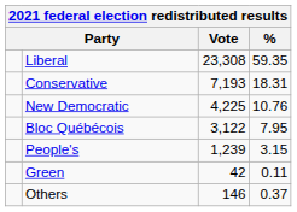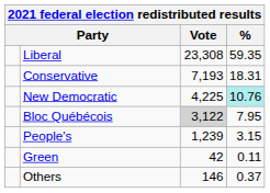 <table class="wikitable">
 <tr>
 <th colspan="4"><a href='#'>2021 federal election</a> redistributed results</th>
 </tr>
 <tr>
 <th bgcolor="#DDDDFF" width="130px" colspan="2">Party</th>
 <th bgcolor="#DDDDFF" width="50px">Vote</th>
 <th bgcolor="#DDDDFF" width="30px">%</th>
 </tr>
 <tr>
 <td> </td>
 <td><a href='#'>Liberal</a></td>
 <td align=right>23,308</td>
 <td align=right>59.35</td>
 </tr>
 <tr>
 <td> </td>
 <td><a href='#'>Conservative</a></td>
 <td align=right>7,193</td>
 <td align=right>18.31</td>
 </tr>
 <tr>
 <td> </td>
 <td><a href='#'>New Democratic</a></td>
 <td align=right>4,225</td>
-<td align=right>10.76</td>
+<td align=right style="background: paleturquoise;">10.76</td>
 </tr>
 <tr>
 <td> </td>
 <td><a href='#'>Bloc Québécois</a></td>
-<td align=right>3,122</td>
+<td align=right style="background: lightgrey;">3,122</td>
 <td align=right>7.95</td>
 </tr>
 <tr>
 <td> </td>
 <td><a href='#'>People's</a></td>
 <td align=right>1,239</td>
 <td align=right>3.15</td>
 </tr>
 <tr>
 <td> </td>
 <td><a href='#'>Green</a></td>
 <td align=right>42</td>
 <td align=right>0.11</td>
 </tr>
 <tr>
 <td> </td>
 <td>Others</td>
 <td align=right>146</td>
 <td align=right>0.37</td>
 </tr>
 </table>
